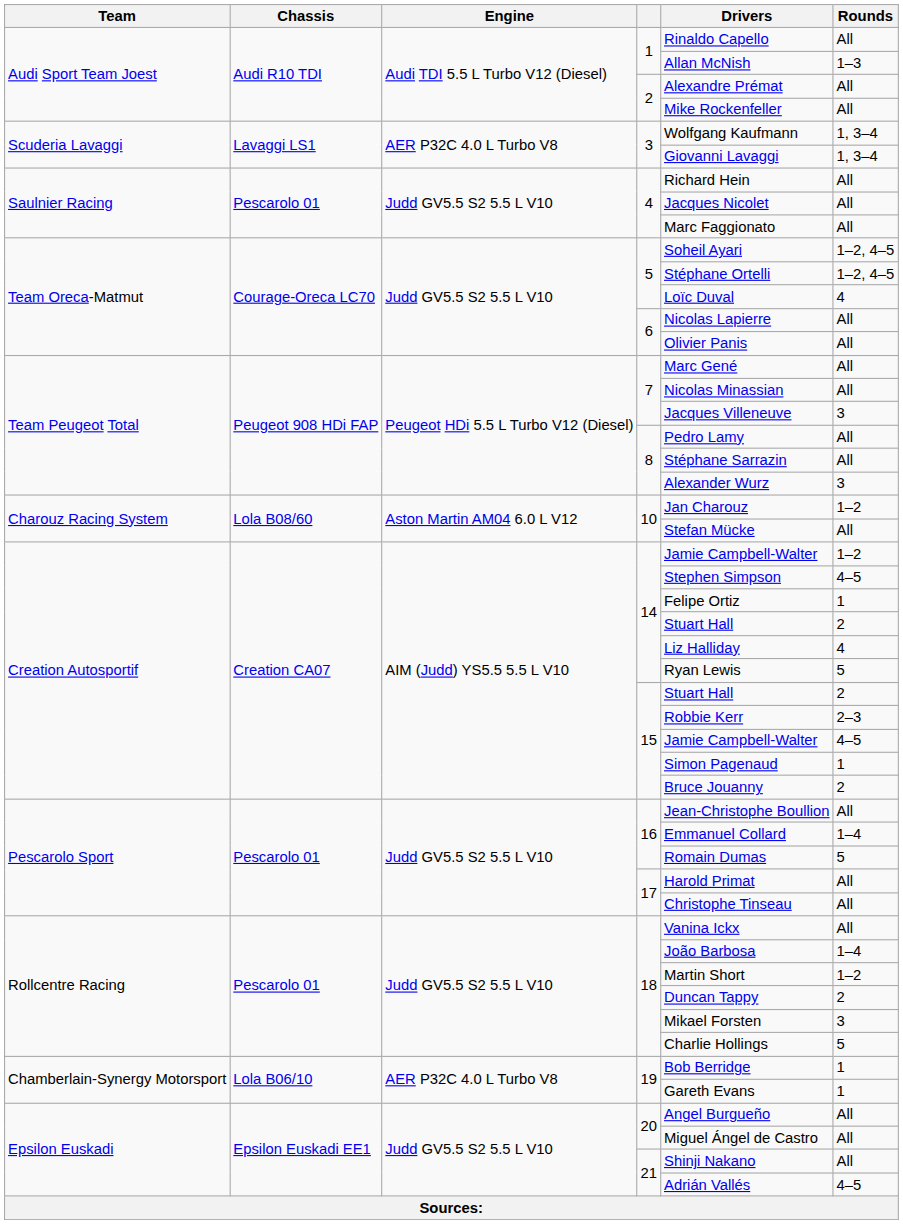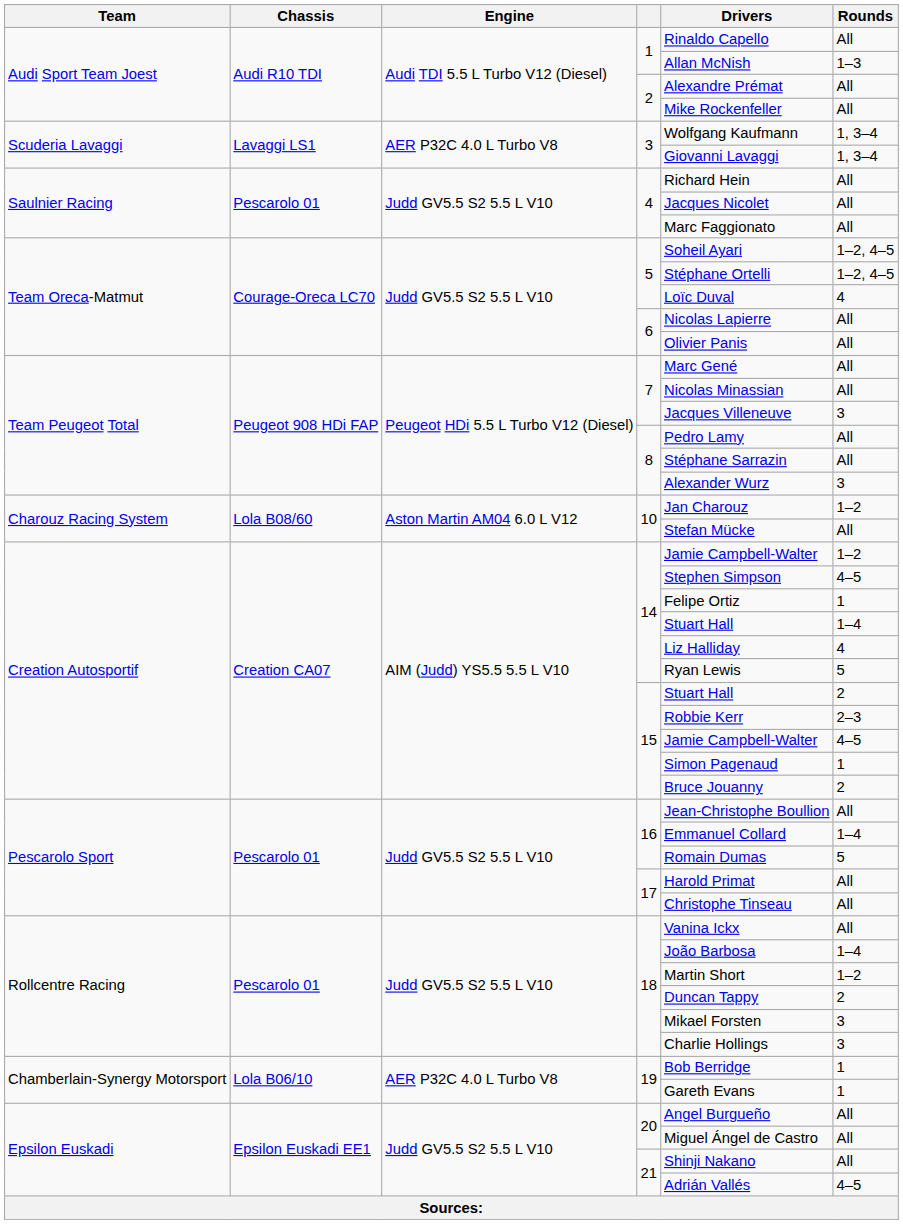 <table class="wikitable" style="font-size: 85%">
 <tr>
 <th>Team</th>
 <th>Chassis</th>
 <th>Engine</th>
 <th></th>
 <th>Drivers</th>
 <th>Rounds</th>
 </tr>
 <tr>
 <td rowspan="4"> <a href='#'>Audi</a> <a href='#'>Sport Team Joest</a></td>
 <td rowspan="4"><a href='#'>Audi R10 TDI</a></td>
 <td rowspan="4"><a href='#'>Audi</a> <a href='#'>TDI</a> 5.5 L Turbo V12 (Diesel)</td>
 <td rowspan="2" align="center">1</td>
 <td> <a href='#'>Rinaldo Capello</a></td>
 <td>All</td>
 </tr>
 <tr>
 <td> <a href='#'>Allan McNish</a></td>
 <td>1–3</td>
 </tr>
 <tr>
 <td rowspan="2" align="center">2</td>
 <td> <a href='#'>Alexandre Prémat</a></td>
 <td>All</td>
 </tr>
 <tr>
 <td> <a href='#'>Mike Rockenfeller</a></td>
 <td>All</td>
 </tr>
 <tr>
 <td rowspan="2"> <a href='#'>Scuderia Lavaggi</a></td>
 <td rowspan="2"><a href='#'>Lavaggi LS1</a></td>
 <td rowspan="2"><a href='#'>AER</a> P32C 4.0 L Turbo V8</td>
 <td rowspan="2" align="center">3</td>
 <td> Wolfgang Kaufmann</td>
 <td>1, 3–4</td>
 </tr>
 <tr>
 <td> <a href='#'>Giovanni Lavaggi</a></td>
 <td>1, 3–4</td>
 </tr>
 <tr>
 <td rowspan="3"> <a href='#'>Saulnier Racing</a></td>
 <td rowspan="3"><a href='#'>Pescarolo 01</a></td>
 <td rowspan="3"><a href='#'>Judd</a> GV5.5 S2 5.5 L V10</td>
 <td rowspan="3" align="center">4</td>
 <td> Richard Hein</td>
 <td>All</td>
 </tr>
 <tr>
 <td> <a href='#'>Jacques Nicolet</a></td>
 <td>All</td>
 </tr>
 <tr>
 <td> Marc Faggionato</td>
 <td>All</td>
 </tr>
 <tr>
 <td rowspan="5"> <a href='#'>Team Oreca</a>-Matmut</td>
 <td rowspan="5"><a href='#'>Courage-Oreca LC70</a></td>
 <td rowspan="5"><a href='#'>Judd</a> GV5.5 S2 5.5 L V10</td>
 <td rowspan="3" align="center">5</td>
 <td> <a href='#'>Soheil Ayari</a></td>
 <td>1–2, 4–5</td>
 </tr>
 <tr>
 <td> <a href='#'>Stéphane Ortelli</a></td>
 <td>1–2, 4–5</td>
 </tr>
 <tr>
 <td> <a href='#'>Loïc Duval</a></td>
 <td>4</td>
 </tr>
 <tr>
 <td rowspan="2" align="center">6</td>
 <td> <a href='#'>Nicolas Lapierre</a></td>
 <td>All</td>
 </tr>
 <tr>
 <td> <a href='#'>Olivier Panis</a></td>
 <td>All</td>
 </tr>
 <tr>
 <td rowspan="6"> <a href='#'>Team Peugeot</a> <a href='#'>Total</a></td>
 <td rowspan="6"><a href='#'>Peugeot 908 HDi FAP</a></td>
 <td rowspan="6"><a href='#'>Peugeot</a> <a href='#'>HDi</a> 5.5 L Turbo V12 (Diesel)</td>
 <td rowspan="3" align="center">7</td>
 <td> <a href='#'>Marc Gené</a></td>
 <td>All</td>
 </tr>
 <tr>
 <td> <a href='#'>Nicolas Minassian</a></td>
 <td>All</td>
 </tr>
 <tr>
 <td> <a href='#'>Jacques Villeneuve</a></td>
 <td>3</td>
 </tr>
 <tr>
 <td rowspan="3" align="center">8</td>
 <td> <a href='#'>Pedro Lamy</a></td>
 <td>All</td>
 </tr>
 <tr>
 <td> <a href='#'>Stéphane Sarrazin</a></td>
 <td>All</td>
 </tr>
 <tr>
 <td> <a href='#'>Alexander Wurz</a></td>
 <td>3</td>
 </tr>
 <tr>
 <td rowspan="2"> <a href='#'>Charouz Racing System</a></td>
 <td rowspan="2"><a href='#'>Lola B08/60</a></td>
 <td rowspan="2"><a href='#'>Aston Martin AM04</a> 6.0 L V12</td>
 <td rowspan="2" align="center">10</td>
 <td> <a href='#'>Jan Charouz</a></td>
 <td>1–2</td>
 </tr>
 <tr>
 <td> <a href='#'>Stefan Mücke</a></td>
 <td>All</td>
 </tr>
 <tr>
 <td rowspan="11"> <a href='#'>Creation Autosportif</a></td>
 <td rowspan="11"><a href='#'>Creation CA07</a></td>
 <td rowspan="11">AIM (<a href='#'>Judd</a>) YS5.5 5.5 L V10</td>
 <td rowspan="6" align="center">14</td>
 <td> <a href='#'>Jamie Campbell-Walter</a></td>
 <td>1–2</td>
 </tr>
 <tr>
 <td> <a href='#'>Stephen Simpson</a></td>
 <td>4–5</td>
 </tr>
 <tr>
 <td> Felipe Ortiz</td>
 <td>1</td>
 </tr>
 <tr>
 <td> <a href='#'>Stuart Hall</a></td>
-<td>2</td>
+<td>1–4</td>
 </tr>
 <tr>
 <td> <a href='#'>Liz Halliday</a></td>
 <td>4</td>
 </tr>
 <tr>
 <td> Ryan Lewis</td>
 <td>5</td>
 </tr>
 <tr>
 <td rowspan="5" align="center">15</td>
 <td> <a href='#'>Stuart Hall</a></td>
 <td>2</td>
 </tr>
 <tr>
 <td> <a href='#'>Robbie Kerr</a></td>
 <td>2–3</td>
 </tr>
 <tr>
 <td> <a href='#'>Jamie Campbell-Walter</a></td>
 <td>4–5</td>
 </tr>
 <tr>
 <td> <a href='#'>Simon Pagenaud</a></td>
 <td>1</td>
 </tr>
 <tr>
 <td> <a href='#'>Bruce Jouanny</a></td>
 <td>2</td>
 </tr>
 <tr>
 <td rowspan="5"> <a href='#'>Pescarolo Sport</a></td>
 <td rowspan="5"><a href='#'>Pescarolo 01</a></td>
 <td rowspan="5"><a href='#'>Judd</a> GV5.5 S2 5.5 L V10</td>
 <td rowspan="3" align="center">16</td>
 <td> <a href='#'>Jean-Christophe Boullion</a></td>
 <td>All</td>
 </tr>
 <tr>
 <td> <a href='#'>Emmanuel Collard</a></td>
 <td>1–4</td>
 </tr>
 <tr>
 <td> <a href='#'>Romain Dumas</a></td>
 <td>5</td>
 </tr>
 <tr>
 <td rowspan="2" align="center">17</td>
 <td> <a href='#'>Harold Primat</a></td>
 <td>All</td>
 </tr>
 <tr>
 <td> <a href='#'>Christophe Tinseau</a></td>
 <td>All</td>
 </tr>
 <tr>
 <td rowspan="6"> Rollcentre Racing</td>
 <td rowspan="6"><a href='#'>Pescarolo 01</a></td>
 <td rowspan="6"><a href='#'>Judd</a> GV5.5 S2 5.5 L V10</td>
 <td rowspan="6" align="center">18</td>
 <td> <a href='#'>Vanina Ickx</a></td>
 <td>All</td>
 </tr>
 <tr>
 <td> <a href='#'>João Barbosa</a></td>
 <td>1–4</td>
 </tr>
 <tr>
 <td> Martin Short</td>
 <td>1–2</td>
 </tr>
 <tr>
 <td> <a href='#'>Duncan Tappy</a></td>
 <td>2</td>
 </tr>
 <tr>
 <td> Mikael Forsten</td>
 <td>3</td>
 </tr>
 <tr>
 <td> Charlie Hollings</td>
-<td>5</td>
+<td>3</td>
 </tr>
 <tr>
 <td rowspan="2"> Chamberlain-Synergy Motorsport</td>
 <td rowspan="2"><a href='#'>Lola B06/10</a></td>
 <td rowspan="2"><a href='#'>AER</a> P32C 4.0 L Turbo V8</td>
 <td rowspan="2" align="center">19</td>
 <td> <a href='#'>Bob Berridge</a></td>
 <td>1</td>
 </tr>
 <tr>
 <td> Gareth Evans</td>
 <td>1</td>
 </tr>
 <tr>
 <td rowspan="4"> <a href='#'>Epsilon Euskadi</a></td>
 <td rowspan="4"><a href='#'>Epsilon Euskadi EE1</a></td>
 <td rowspan="4"><a href='#'>Judd</a> GV5.5 S2 5.5 L V10</td>
 <td rowspan="2" align="center">20</td>
 <td> <a href='#'>Angel Burgueño</a></td>
 <td>All</td>
 </tr>
 <tr>
 <td> Miguel Ángel de Castro</td>
 <td>All</td>
 </tr>
 <tr>
 <td rowspan="2" align="center">21</td>
 <td> <a href='#'>Shinji Nakano</a></td>
 <td>All</td>
 </tr>
 <tr>
 <td> <a href='#'>Adrián Vallés</a></td>
 <td>4–5</td>
 </tr>
 <tr>
 <th colspan="6">Sources:</th>
 </tr>
 <tr>
 </tr>
 </table>
